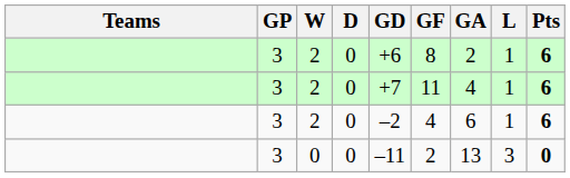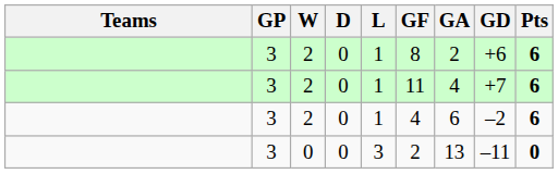 <table class="wikitable">
 <tr style="text-align:center; background:#efefef;">
 <th width=185>Teams</th>
 <th width=20>GP</th>
 <th width=20>W</th>
 <th width=20>D</th>
-<th width=25>GD</th>
+<th width=20>L</th>
 <th width=20>GF</th>
 <th width=20>GA</th>
-<th width=20>L</th>
+<th width=25>GD</th>
 <th width=20>Pts</th>
 </tr>
 <tr style="text-align:center; background:#cfc;">
 <td style="text-align:left;"></td>
 <td>3</td>
 <td>2</td>
 <td>0</td>
-<td>+6</td>
+<td>1</td>
 <td>8</td>
 <td>2</td>
-<td>1</td>
+<td>+6</td>
 <td><strong>6</strong></td>
 </tr>
 <tr style="text-align:center; background:#cfc;">
 <td style="text-align:left;"></td>
 <td>3</td>
 <td>2</td>
 <td>0</td>
-<td>+7</td>
+<td>1</td>
 <td>11</td>
 <td>4</td>
-<td>1</td>
+<td>+7</td>
 <td><strong>6</strong></td>
 </tr>
 <tr align=center>
 <td style="text-align:left;"></td>
 <td>3</td>
 <td>2</td>
 <td>0</td>
-<td>–2</td>
+<td>1</td>
 <td>4</td>
 <td>6</td>
-<td>1</td>
+<td>–2</td>
 <td><strong>6</strong></td>
 </tr>
 <tr align=center>
 <td style="text-align:left;"></td>
 <td>3</td>
 <td>0</td>
 <td>0</td>
-<td>–11</td>
+<td>3</td>
 <td>2</td>
 <td>13</td>
-<td>3</td>
+<td>–11</td>
 <td><strong>0</strong></td>
 </tr>
 </table>
